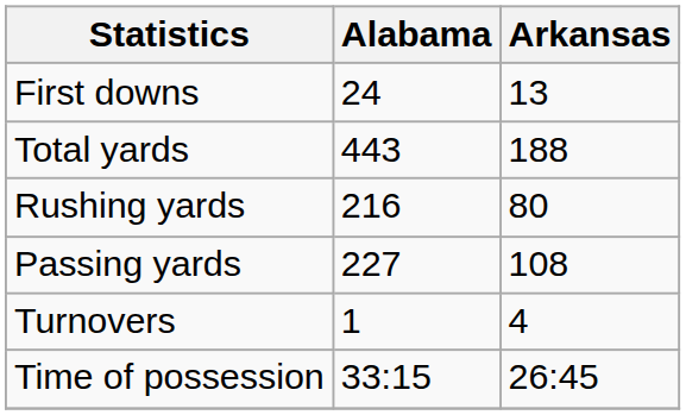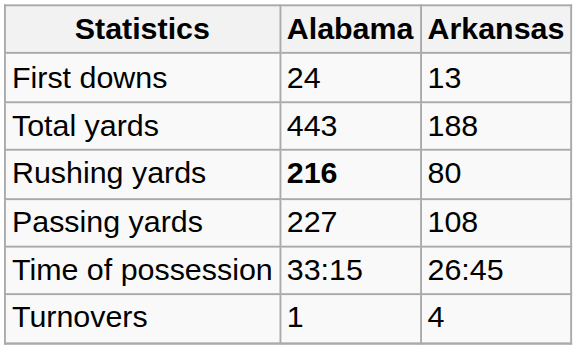 <table class="wikitable" style="float: left;">
 <tr>
 <th>Statistics</th>
 <th>Alabama</th>
 <th>Arkansas</th>
 </tr>
 <tr>
 <td>First downs</td>
 <td>24</td>
 <td>13</td>
 </tr>
 <tr>
 <td>Total yards</td>
 <td>443</td>
 <td>188</td>
 </tr>
 <tr>
 <td>Rushing yards</td>
-<td>216</td>
+<td><strong>216</strong></td>
 <td>80</td>
 </tr>
 <tr>
 <td>Passing yards</td>
 <td>227</td>
 <td>108</td>
 </tr>
 <tr>
+<td>Time of possession</td>
+<td>33:15</td>
+<td>26:45</td>
+</tr>
+<tr>
 <td>Turnovers</td>
 <td>1</td>
 <td>4</td>
 </tr>
 <tr>
-<td>Time of possession</td>
-<td>33:15</td>
-<td>26:45</td>
-</tr>
-<tr>
 </tr>
 </table>
